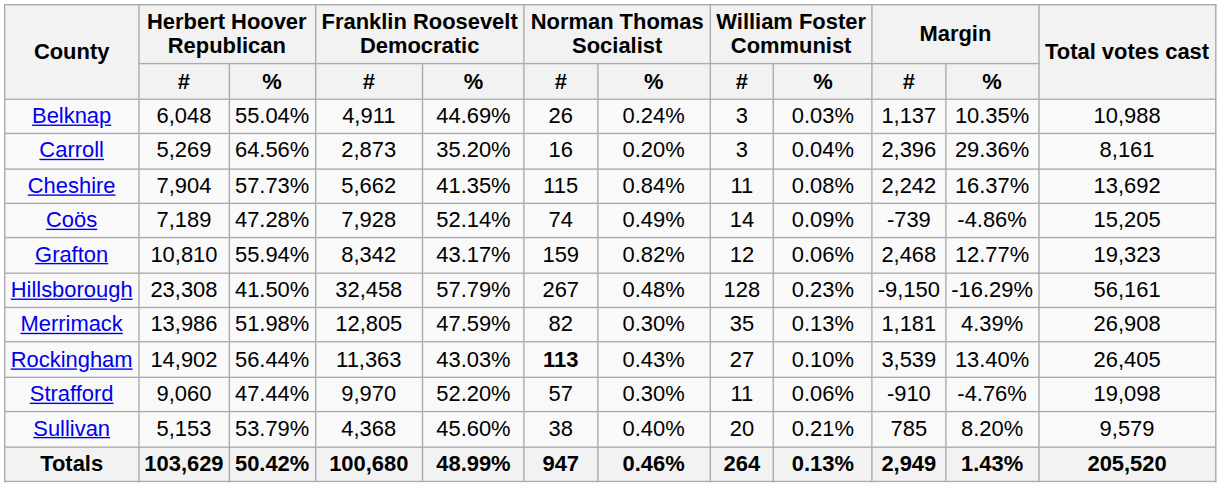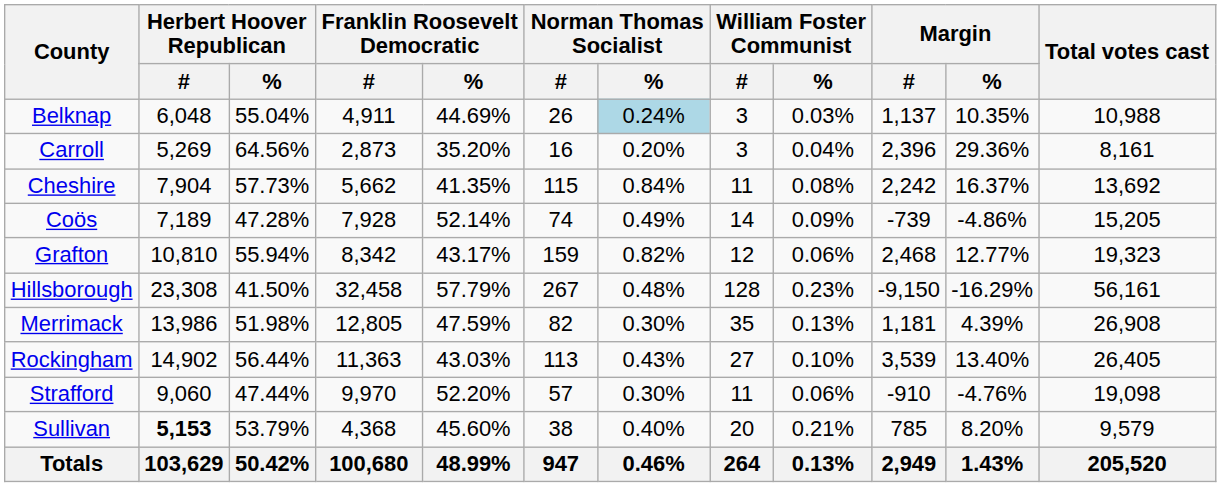 <table width="70%" class="wikitable sortable" style="text-align:center">
 <tr>
 <th style="text-align:center;" rowspan="2">County</th>
 <th style="text-align:center;" colspan="2">Herbert Hoover<br>Republican</th>
 <th style="text-align:center;" colspan="2">Franklin Roosevelt<br>Democratic</th>
 <th style="text-align:center;" colspan="2">Norman  Thomas<br>Socialist</th>
 <th style="text-align:center;" colspan="2">William Foster<br>Communist</th>
 <th style="text-align:center;" colspan="2">Margin</th>
 <th style="text-align:center;" rowspan="2">Total votes cast</th>
 </tr>
 <tr>
 <th style="text-align:center;" data-sort-type="number">#</th>
 <th style="text-align:center;" data-sort-type="number">%</th>
 <th style="text-align:center;" data-sort-type="number">#</th>
 <th style="text-align:center;" data-sort-type="number">%</th>
 <th style="text-align:center;" data-sort-type="number">#</th>
 <th style="text-align:center;" data-sort-type="number">%</th>
 <th style="text-align:center;" data-sort-type="number">#</th>
 <th style="text-align:center;" data-sort-type="number">%</th>
 <th style="text-align:center;" data-sort-type="number">#</th>
 <th style="text-align:center;" data-sort-type="number">%</th>
 </tr>
 <tr style="text-align:center;">
 <td><a href='#'>Belknap</a></td>
 <td>6,048</td>
 <td>55.04%</td>
 <td>4,911</td>
 <td>44.69%</td>
 <td>26</td>
-<td>0.24%</td>
+<td style="background: lightblue;">0.24%</td>
 <td>3</td>
 <td>0.03%</td>
 <td>1,137</td>
 <td>10.35%</td>
 <td>10,988</td>
 </tr>
 <tr style="text-align:center;">
 <td><a href='#'>Carroll</a></td>
 <td>5,269</td>
 <td>64.56%</td>
 <td>2,873</td>
 <td>35.20%</td>
 <td>16</td>
 <td>0.20%</td>
 <td>3</td>
 <td>0.04%</td>
 <td>2,396</td>
 <td>29.36%</td>
 <td>8,161</td>
 </tr>
 <tr style="text-align:center;">
 <td><a href='#'>Cheshire</a></td>
 <td>7,904</td>
 <td>57.73%</td>
 <td>5,662</td>
 <td>41.35%</td>
 <td>115</td>
 <td>0.84%</td>
 <td>11</td>
 <td>0.08%</td>
 <td>2,242</td>
 <td>16.37%</td>
 <td>13,692</td>
 </tr>
 <tr style="text-align:center;">
 <td><a href='#'>Coös</a></td>
 <td>7,189</td>
 <td>47.28%</td>
 <td>7,928</td>
 <td>52.14%</td>
 <td>74</td>
 <td>0.49%</td>
 <td>14</td>
 <td>0.09%</td>
 <td>-739</td>
 <td>-4.86%</td>
 <td>15,205</td>
 </tr>
 <tr style="text-align:center;">
 <td><a href='#'>Grafton</a></td>
 <td>10,810</td>
 <td>55.94%</td>
 <td>8,342</td>
 <td>43.17%</td>
 <td>159</td>
 <td>0.82%</td>
 <td>12</td>
 <td>0.06%</td>
 <td>2,468</td>
 <td>12.77%</td>
 <td>19,323</td>
 </tr>
 <tr style="text-align:center;">
 <td><a href='#'>Hillsborough</a></td>
 <td>23,308</td>
 <td>41.50%</td>
 <td>32,458</td>
 <td>57.79%</td>
 <td>267</td>
 <td>0.48%</td>
 <td>128</td>
 <td>0.23%</td>
 <td>-9,150</td>
 <td>-16.29%</td>
 <td>56,161</td>
 </tr>
 <tr style="text-align:center;">
 <td><a href='#'>Merrimack</a></td>
 <td>13,986</td>
 <td>51.98%</td>
 <td>12,805</td>
 <td>47.59%</td>
 <td>82</td>
 <td>0.30%</td>
 <td>35</td>
 <td>0.13%</td>
 <td>1,181</td>
 <td>4.39%</td>
 <td>26,908</td>
 </tr>
 <tr style="text-align:center;">
 <td><a href='#'>Rockingham</a></td>
 <td>14,902</td>
 <td>56.44%</td>
 <td>11,363</td>
 <td>43.03%</td>
-<td><strong>113</strong></td>
+<td>113</td>
 <td>0.43%</td>
 <td>27</td>
 <td>0.10%</td>
 <td>3,539</td>
 <td>13.40%</td>
 <td>26,405</td>
 </tr>
 <tr style="text-align:center;">
 <td><a href='#'>Strafford</a></td>
 <td>9,060</td>
 <td>47.44%</td>
 <td>9,970</td>
 <td>52.20%</td>
 <td>57</td>
 <td>0.30%</td>
 <td>11</td>
 <td>0.06%</td>
 <td>-910</td>
 <td>-4.76%</td>
 <td>19,098</td>
 </tr>
 <tr style="text-align:center;">
 <td><a href='#'>Sullivan</a></td>
-<td>5,153</td>
+<td><strong>5,153</strong></td>
 <td>53.79%</td>
 <td>4,368</td>
 <td>45.60%</td>
 <td>38</td>
 <td>0.40%</td>
 <td>20</td>
 <td>0.21%</td>
 <td>785</td>
 <td>8.20%</td>
 <td>9,579</td>
 </tr>
 <tr style="text-align:center;">
 <th>Totals</th>
 <th>103,629</th>
 <th>50.42%</th>
 <th>100,680</th>
 <th>48.99%</th>
 <th>947</th>
 <th>0.46%</th>
 <th>264</th>
 <th>0.13%</th>
 <th>2,949</th>
 <th>1.43%</th>
 <th>205,520</th>
 </tr>
 </table>
